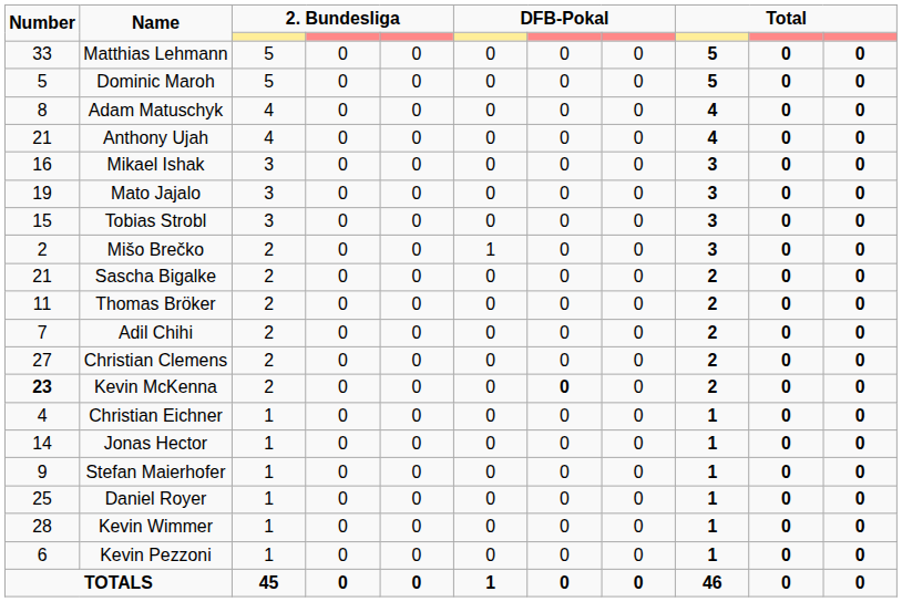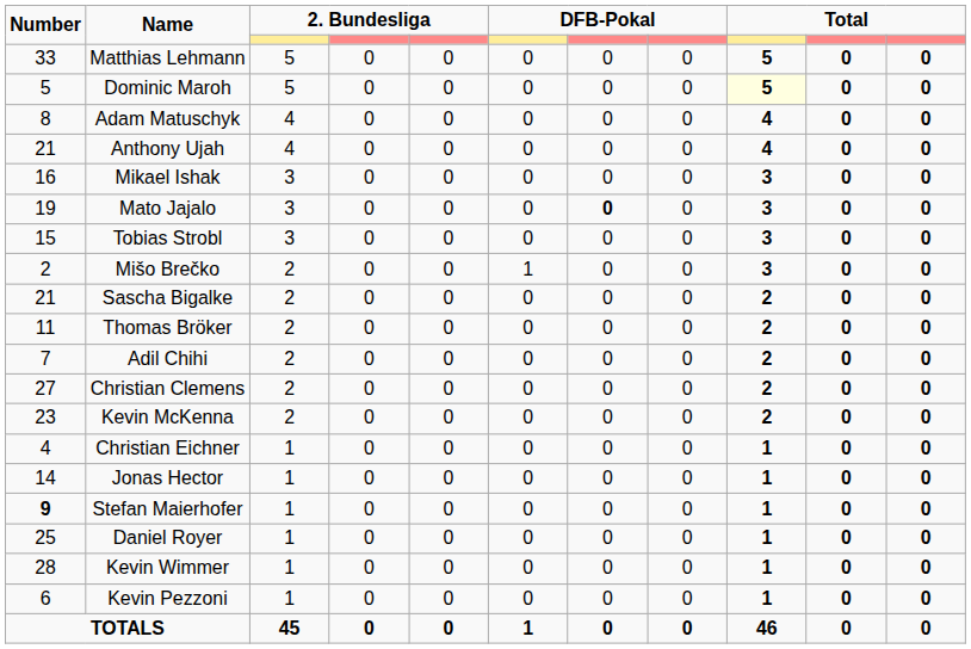 <table class="wikitable" style="text-align:center;">
 <tr style="text-align:center;">
 <td rowspan="2"><strong>Number</strong></td>
 <td rowspan="2"><strong>Name</strong></td>
 <td colspan="3"><strong>2. Bundesliga</strong></td>
 <td colspan="3"><strong>DFB-Pokal</strong></td>
 <td colspan="3"><strong>Total</strong></td>
 </tr>
 <tr>
 <th style="width:60px; background:#fe9;"></th>
 <th style="width:60px; background:#ff8888;"></th>
 <th style="width:60px; background:#ff8888;"></th>
 <th style="width:60px; background:#fe9;"></th>
 <th style="width:60px; background:#ff8888;"></th>
 <th style="width:60px; background:#ff8888;"></th>
 <th style="width:60px; background:#fe9;"></th>
 <th style="width:60px; background:#ff8888;"></th>
 <th style="width:60px; background:#ff8888;"></th>
 </tr>
 <tr>
 <td>33</td>
 <td>Matthias Lehmann</td>
 <td>5</td>
 <td>0</td>
 <td>0</td>
 <td>0</td>
 <td>0</td>
 <td>0</td>
 <td><strong> 5 </strong></td>
 <td><strong> 0 </strong></td>
 <td><strong> 0 </strong></td>
 </tr>
 <tr>
 <td>5</td>
 <td>Dominic Maroh</td>
 <td>5</td>
 <td>0</td>
 <td>0</td>
 <td>0</td>
 <td>0</td>
 <td>0</td>
-<td><strong> 5 </strong></td>
+<td style="background: lightyellow;"><strong> 5 </strong></td>
 <td><strong> 0 </strong></td>
 <td><strong> 0 </strong></td>
 </tr>
 <tr>
 <td>8</td>
 <td>Adam Matuschyk</td>
 <td>4</td>
 <td>0</td>
 <td>0</td>
 <td>0</td>
 <td>0</td>
 <td>0</td>
 <td><strong> 4 </strong></td>
 <td><strong> 0 </strong></td>
 <td><strong> 0 </strong></td>
 </tr>
 <tr>
 <td>21</td>
 <td>Anthony Ujah</td>
 <td>4</td>
 <td>0</td>
 <td>0</td>
 <td>0</td>
 <td>0</td>
 <td>0</td>
 <td><strong> 4 </strong></td>
 <td><strong> 0 </strong></td>
 <td><strong> 0 </strong></td>
 </tr>
 <tr>
 <td>16</td>
 <td>Mikael Ishak</td>
 <td>3</td>
 <td>0</td>
 <td>0</td>
 <td>0</td>
 <td>0</td>
 <td>0</td>
 <td><strong> 3 </strong></td>
 <td><strong> 0 </strong></td>
 <td><strong> 0 </strong></td>
 </tr>
 <tr>
 <td>19</td>
 <td>Mato Jajalo</td>
 <td>3</td>
 <td>0</td>
 <td>0</td>
 <td>0</td>
-<td>0</td>
+<td><strong>0</strong></td>
 <td>0</td>
 <td><strong> 3 </strong></td>
 <td><strong> 0 </strong></td>
 <td><strong> 0 </strong></td>
 </tr>
 <tr>
 <td>15</td>
 <td>Tobias Strobl</td>
 <td>3</td>
 <td>0</td>
 <td>0</td>
 <td>0</td>
 <td>0</td>
 <td>0</td>
 <td><strong> 3 </strong></td>
 <td><strong> 0 </strong></td>
 <td><strong> 0 </strong></td>
 </tr>
 <tr>
 <td>2</td>
 <td>Mišo Brečko</td>
 <td>2</td>
 <td>0</td>
 <td>0</td>
 <td>1</td>
 <td>0</td>
 <td>0</td>
 <td><strong> 3 </strong></td>
 <td><strong> 0 </strong></td>
 <td><strong> 0 </strong></td>
 </tr>
 <tr>
 <td>21</td>
 <td>Sascha Bigalke</td>
 <td>2</td>
 <td>0</td>
 <td>0</td>
 <td>0</td>
 <td>0</td>
 <td>0</td>
 <td><strong> 2 </strong></td>
 <td><strong> 0 </strong></td>
 <td><strong> 0 </strong></td>
 </tr>
 <tr>
 <td>11</td>
 <td>Thomas Bröker</td>
 <td>2</td>
 <td>0</td>
 <td>0</td>
 <td>0</td>
 <td>0</td>
 <td>0</td>
 <td><strong> 2 </strong></td>
 <td><strong> 0 </strong></td>
 <td><strong> 0 </strong></td>
 </tr>
 <tr>
 <td>7</td>
 <td>Adil Chihi</td>
 <td>2</td>
 <td>0</td>
 <td>0</td>
 <td>0</td>
 <td>0</td>
 <td>0</td>
 <td><strong> 2 </strong></td>
 <td><strong> 0 </strong></td>
 <td><strong> 0 </strong></td>
 </tr>
 <tr>
 <td>27</td>
 <td>Christian Clemens</td>
 <td>2</td>
 <td>0</td>
 <td>0</td>
 <td>0</td>
 <td>0</td>
 <td>0</td>
 <td><strong> 2 </strong></td>
 <td><strong> 0 </strong></td>
 <td><strong> 0 </strong></td>
 </tr>
 <tr>
-<td><strong>23</strong></td>
+<td>23</td>
 <td>Kevin McKenna</td>
 <td>2</td>
 <td>0</td>
 <td>0</td>
 <td>0</td>
-<td><strong>0</strong></td>
+<td>0</td>
 <td>0</td>
 <td><strong> 2 </strong></td>
 <td><strong> 0 </strong></td>
 <td><strong> 0 </strong></td>
 </tr>
 <tr>
 <td>4</td>
 <td>Christian Eichner</td>
 <td>1</td>
 <td>0</td>
 <td>0</td>
 <td>0</td>
 <td>0</td>
 <td>0</td>
 <td><strong> 1 </strong></td>
 <td><strong> 0 </strong></td>
 <td><strong> 0 </strong></td>
 </tr>
 <tr>
 <td>14</td>
 <td>Jonas Hector</td>
 <td>1</td>
 <td>0</td>
 <td>0</td>
 <td>0</td>
 <td>0</td>
 <td>0</td>
 <td><strong> 1 </strong></td>
 <td><strong> 0 </strong></td>
 <td><strong> 0 </strong></td>
 </tr>
 <tr>
-<td>9</td>
+<td><strong>9</strong></td>
 <td>Stefan Maierhofer</td>
 <td>1</td>
 <td>0</td>
 <td>0</td>
 <td>0</td>
 <td>0</td>
 <td>0</td>
 <td><strong> 1 </strong></td>
 <td><strong> 0 </strong></td>
 <td><strong> 0 </strong></td>
 </tr>
 <tr>
 <td>25</td>
 <td>Daniel Royer</td>
 <td>1</td>
 <td>0</td>
 <td>0</td>
 <td>0</td>
 <td>0</td>
 <td>0</td>
 <td><strong> 1 </strong></td>
 <td><strong> 0 </strong></td>
 <td><strong> 0 </strong></td>
 </tr>
 <tr>
 <td>28</td>
 <td>Kevin Wimmer</td>
 <td>1</td>
 <td>0</td>
 <td>0</td>
 <td>0</td>
 <td>0</td>
 <td>0</td>
 <td><strong> 1 </strong></td>
 <td><strong> 0 </strong></td>
 <td><strong> 0 </strong></td>
 </tr>
 <tr>
 <td>6</td>
 <td>Kevin Pezzoni</td>
 <td>1</td>
 <td>0</td>
 <td>0</td>
 <td>0</td>
 <td>0</td>
 <td>0</td>
 <td><strong> 1 </strong></td>
 <td><strong> 0 </strong></td>
 <td><strong> 0 </strong></td>
 </tr>
 <tr>
 <td colspan="2"><strong>TOTALS</strong></td>
 <td><strong> 45 </strong></td>
 <td><strong> 0 </strong></td>
 <td><strong> 0 </strong></td>
 <td><strong> 1 </strong></td>
 <td><strong> 0 </strong></td>
 <td><strong> 0 </strong></td>
 <td><strong> 46 </strong></td>
 <td><strong> 0 </strong></td>
 <td><strong> 0 </strong></td>
 </tr>
 </table>
